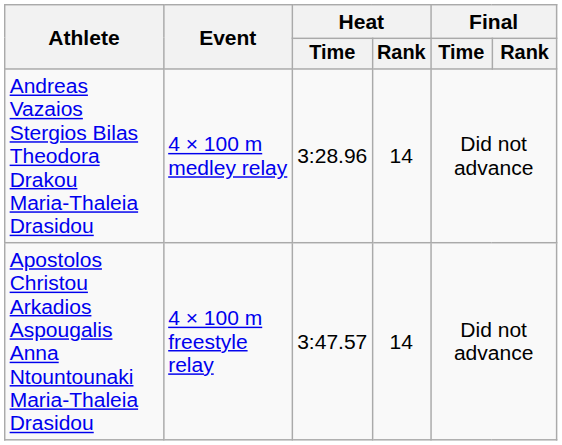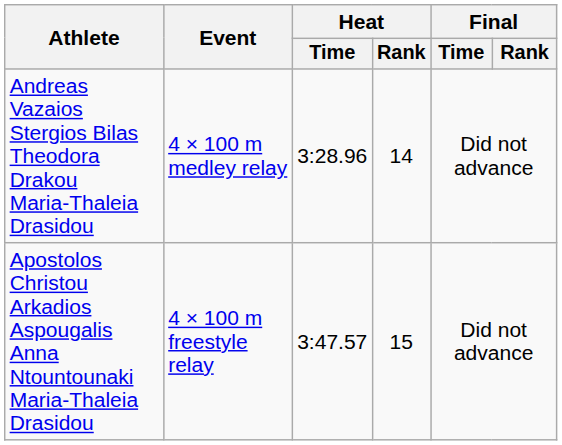 <table class="wikitable" style="text-align:center; font-size:90%; width:30%;">
 <tr>
 <th rowspan="2">Athlete</th>
 <th rowspan="2">Event</th>
 <th colspan="2">Heat</th>
 <th colspan="2">Final</th>
 </tr>
 <tr style="font-size:95%">
 <th>Time</th>
 <th>Rank</th>
 <th>Time</th>
 <th>Rank</th>
 </tr>
 <tr>
 <td align=left><a href='#'>Andreas Vazaios</a> <br><a href='#'>Stergios Bilas</a><br><a href='#'>Theodora Drakou</a><br><a href='#'>Maria-Thaleia Drasidou</a></td>
 <td align=left><a href='#'>4 × 100 m medley relay</a></td>
 <td>3:28.96</td>
 <td>14</td>
 <td colspan=2>Did not advance</td>
 </tr>
 <tr>
 <td align=left><a href='#'>Apostolos Christou</a> <br><a href='#'>Arkadios Aspougalis</a> <br><a href='#'>Anna Ntountounaki</a> <br><a href='#'>Maria-Thaleia Drasidou </a></td>
 <td align=left><a href='#'>4 × 100 m freestyle relay</a></td>
 <td>3:47.57</td>
-<td>14</td>
+<td>15</td>
 <td colspan="2">Did not advance</td>
 </tr>
 </table>
